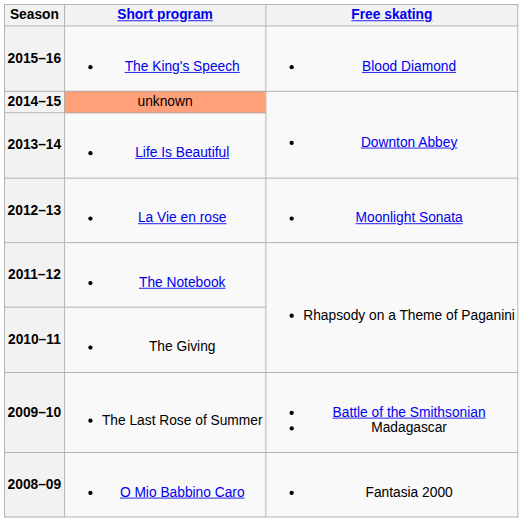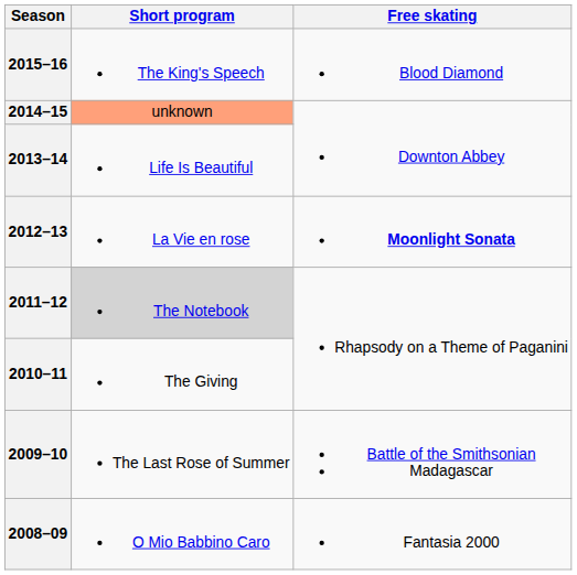 <table class="wikitable" style="text-align:center">
 <tr>
 <th>Season</th>
 <th><a href='#'>Short program</a></th>
 <th><a href='#'>Free skating</a></th>
 </tr>
 <tr>
 <th>2015–16</th>
 <td><br><ul><li><a href='#'>The King's Speech</a> <br></li></ul></td>
 <td><br><ul><li><a href='#'>Blood Diamond</a> <br></li></ul></td>
 </tr>
 <tr>
 <th>2014–15</th>
 <td align="center" style="background: lightsalmon;">unknown</td>
 <td rowspan=2><br><ul><li><a href='#'>Downton Abbey</a> <br></li></ul></td>
 </tr>
 <tr>
 <th>2013–14 <br></th>
 <td><br><ul><li><a href='#'>Life Is Beautiful</a> <br></li></ul></td>
 </tr>
 <tr>
 <th>2012–13</th>
 <td><br><ul><li><a href='#'>La Vie en rose</a> <br></li></ul></td>
-<td><br><ul><li><a href='#'>Moonlight Sonata</a> <br></li></ul></td>
+<td><strong><br><ul><li><a href='#'>Moonlight Sonata</a> <br></li></ul></strong></td>
 </tr>
 <tr>
 <th>2011–12 <br></th>
-<td><br><ul><li><a href='#'>The Notebook</a> <br></li></ul></td>
+<td style="background: lightgrey;"><br><ul><li><a href='#'>The Notebook</a> <br></li></ul></td>
 <td rowspan=2><br><ul><li>Rhapsody on a Theme of Paganini <br></li></ul></td>
 </tr>
 <tr>
 <th>2010–11 <br></th>
 <td><br><ul><li>The Giving <br> </li></ul></td>
 </tr>
 <tr>
 <th>2009–10 <br></th>
 <td><br><ul><li>The Last Rose of Summer <br></li></ul></td>
 <td><br><ul><li><a href='#'>Battle of the Smithsonian</a> <br></li><li>Madagascar <br></li></ul></td>
 </tr>
 <tr>
 <th>2008–09 <br></th>
 <td><br><ul><li><a href='#'>O Mio Babbino Caro</a> <br> </li></ul></td>
 <td><br><ul><li>Fantasia 2000</li></ul></td>
 </tr>
 </table>
